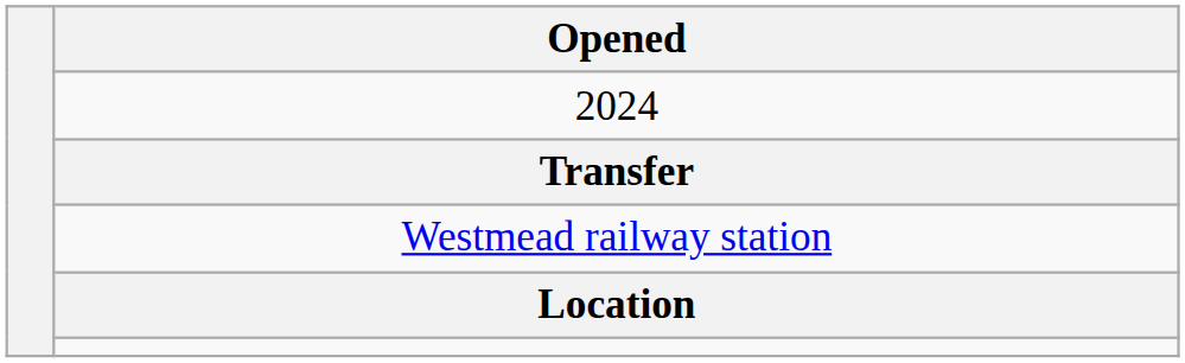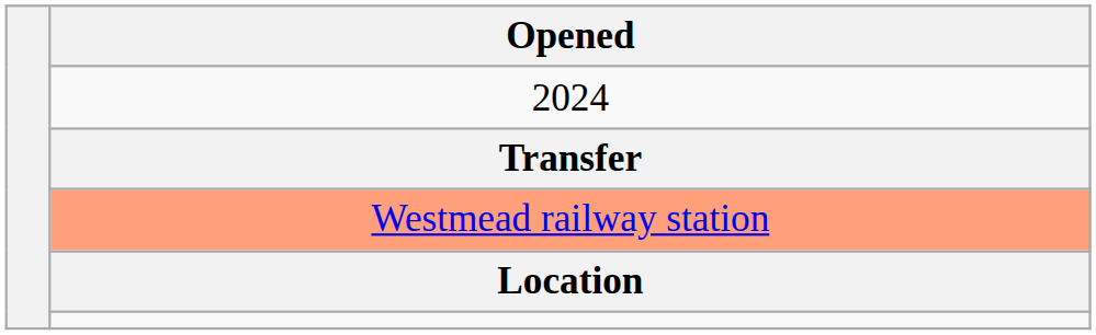 <table class=wikitable style="text-align: center; width: 450px; float:right">
 <tr>
 <th rowspan="6"></th>
 <th>Opened</th>
 </tr>
 <tr>
 <td>2024</td>
 </tr>
 <tr>
 <th>Transfer</th>
 </tr>
 <tr>
-<td><a href='#'>Westmead railway station</a></td>
+<td style="background: lightsalmon;"><a href='#'>Westmead railway station</a></td>
 </tr>
 <tr>
 <th>Location</th>
 </tr>
 <tr>
 <td></td>
 </tr>
 </table>
